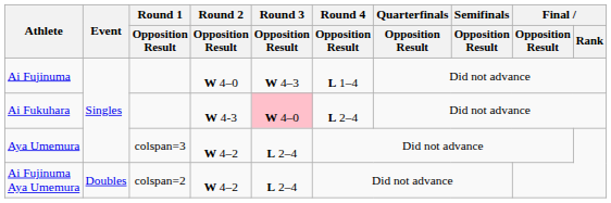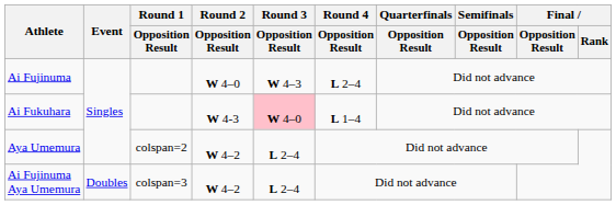 <table class="wikitable" style="font-size:90%">
 <tr>
 <th rowspan="2">Athlete</th>
 <th rowspan="2">Event</th>
 <th>Round 1</th>
 <th>Round 2</th>
 <th>Round 3</th>
 <th>Round 4</th>
 <th>Quarterfinals</th>
 <th>Semifinals</th>
 <th colspan=2>Final / </th>
 </tr>
 <tr style="font-size:95%">
 <th>Opposition<br>Result</th>
 <th>Opposition<br>Result</th>
 <th>Opposition<br>Result</th>
 <th>Opposition<br>Result</th>
 <th>Opposition<br>Result</th>
 <th>Opposition<br>Result</th>
 <th>Opposition<br>Result</th>
 <th>Rank</th>
 </tr>
 <tr align=center>
 <td align=left><a href='#'>Ai Fujinuma</a></td>
 <td align=left rowspan=3><a href='#'>Singles</a></td>
 <td></td>
 <td><br><strong>W</strong> 4–0</td>
 <td><br><strong>W</strong> 4–3</td>
-<td><br><strong>L</strong> 1–4</td>
+<td><br><strong>L</strong> 2–4</td>
 <td colspan=4>Did not advance</td>
 </tr>
 <tr align=center>
 <td align=left><a href='#'>Ai Fukuhara</a></td>
 <td></td>
 <td><br><strong>W</strong> 4-3</td>
 <td style="background: pink;"><br><strong>W</strong> 4–0</td>
-<td><br><strong>L</strong> 2–4</td>
+<td><br><strong>L</strong> 1–4</td>
 <td colspan=4>Did not advance</td>
 </tr>
 <tr align=center>
 <td align=left><a href='#'>Aya Umemura</a></td>
-<td>colspan=3 </td>
+<td>colspan=2 </td>
 <td><br><strong>W</strong> 4–2</td>
 <td><br><strong>L</strong> 2–4</td>
 <td colspan=4>Did not advance</td>
 </tr>
 <tr align=center>
 <td align=left><a href='#'>Ai Fujinuma</a><br><a href='#'>Aya Umemura</a></td>
 <td align=left><a href='#'>Doubles</a></td>
-<td>colspan=2 </td>
+<td>colspan=3 </td>
 <td><br><strong>W</strong> 4–2</td>
 <td><br><strong>L</strong> 2–4</td>
 <td colspan=3>Did not advance</td>
 </tr>
 </table>
